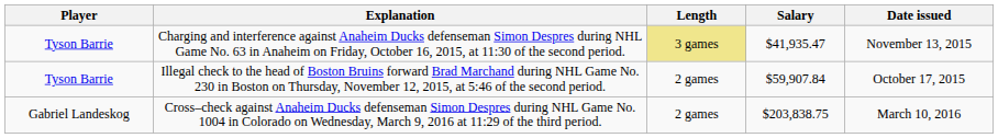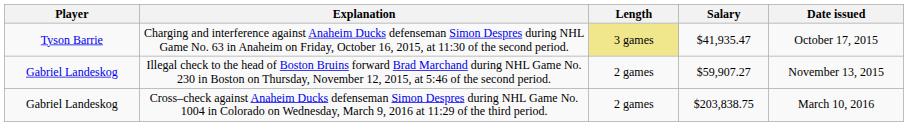 <table class="wikitable" style="width:75em; text-align:center;">
 <tr>
 <th style="width:15%;">Player</th>
 <th style="width:50%;">Explanation</th>
 <th style="width:10%;">Length</th>
 <th style="width:10%;">Salary</th>
 <th style="width:15%;">Date issued</th>
 </tr>
 <tr>
 <td><a href='#'>Tyson Barrie</a></td>
 <td>Charging and interference against <a href='#'>Anaheim Ducks</a> defenseman <a href='#'>Simon Despres</a> during NHL Game No. 63 in Anaheim on Friday, October 16, 2015, at 11:30 of the second period.</td>
 <td style="background: khaki;">3 games</td>
 <td>$41,935.47</td>
-<td>November 13, 2015</td>
+<td>October 17, 2015</td>
 </tr>
 <tr>
-<td><a href='#'>Tyson Barrie</a></td>
+<td><a href='#'>Gabriel Landeskog</a></td>
 <td>Illegal check to the head of <a href='#'>Boston Bruins</a> forward <a href='#'>Brad Marchand</a> during NHL Game No. 230 in Boston on Thursday, November 12, 2015, at 5:46 of the second period.</td>
 <td>2 games</td>
-<td>$59,907.84</td>
-<td>October 17, 2015</td>
+<td>$59,907.27</td>
+<td>November 13, 2015</td>
 </tr>
 <tr>
 <td>Gabriel Landeskog</td>
 <td>Cross–check against <a href='#'>Anaheim Ducks</a> defenseman <a href='#'>Simon Despres</a> during NHL Game No. 1004 in Colorado on Wednesday, March 9, 2016 at 11:29 of the third period.</td>
 <td>2 games</td>
 <td>$203,838.75</td>
 <td>March 10, 2016</td>
 </tr>
 </table>
